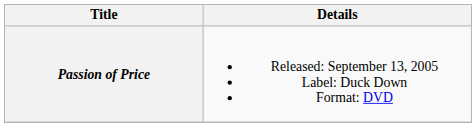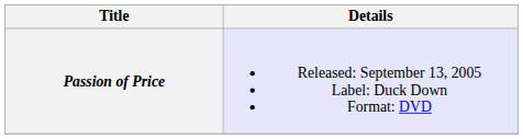 <table class="wikitable plainrowheaders" style="text-align:center;">
 <tr>
 <th scope="col" style="width:14em;">Title</th>
 <th scope="col" style="width:19em;">Details</th>
 </tr>
 <tr>
 <th scope="row"><em>Passion of Price</em></th>
-<td><br><ul><li>Released: September 13, 2005</li><li>Label: Duck Down</li><li>Format: <a href='#'>DVD</a></li></ul></td>
+<td style="background: lavender;"><br><ul><li>Released: September 13, 2005</li><li>Label: Duck Down</li><li>Format: <a href='#'>DVD</a></li></ul></td>
 </tr>
 <tr>
 </tr>
 </table>
